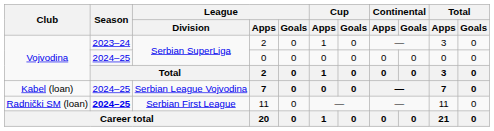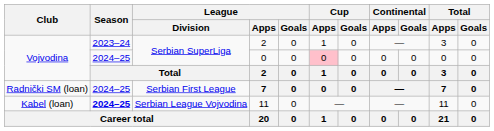 <table class="wikitable" style="text-align: center;font-size:90%">
 <tr>
 <th rowspan="2">Club</th>
 <th rowspan="2">Season</th>
 <th colspan="3">League</th>
 <th colspan="2">Cup</th>
 <th colspan="2">Continental</th>
 <th colspan="2">Total</th>
 </tr>
 <tr>
 <th>Division</th>
 <th>Apps</th>
 <th>Goals</th>
 <th>Apps</th>
 <th>Goals</th>
 <th>Apps</th>
 <th>Goals</th>
 <th>Apps</th>
 <th>Goals</th>
 </tr>
 <tr>
 <td rowspan="3"><a href='#'>Vojvodina</a></td>
 <td><a href='#'>2023–24</a></td>
 <td rowspan="2"><a href='#'>Serbian SuperLiga</a></td>
 <td>2</td>
 <td>0</td>
 <td>1</td>
 <td>0</td>
 <td colspan="2">—</td>
 <td>3</td>
 <td>0</td>
 </tr>
 <tr>
 <td><a href='#'>2024–25</a></td>
 <td>0</td>
 <td>0</td>
-<td>0</td>
+<td style="background: pink;">0</td>
 <td>0</td>
 <td>0</td>
 <td>0</td>
 <td>0</td>
 <td>0</td>
 </tr>
 <tr>
 <th colspan="2">Total</th>
 <th>2</th>
 <th>0</th>
 <th>1</th>
 <th>0</th>
 <th>0</th>
 <th>0</th>
 <th>3</th>
 <th>0</th>
 </tr>
 <tr>
-<td><a href='#'>Kabel</a> (loan)</td>
+<td><a href='#'>Radnički SM</a> (loan)</td>
 <td><a href='#'>2024–25</a></td>
-<td><a href='#'>Serbian League Vojvodina</a></td>
+<td><a href='#'>Serbian First League</a></td>
 <th>7</th>
 <th>0</th>
 <th>0</th>
 <th>0</th>
 <th colspan="2">—</th>
 <th>7</th>
 <th>0</th>
 </tr>
 <tr>
-<td><a href='#'>Radnički SM</a> (loan)</td>
+<td><a href='#'>Kabel</a> (loan)</td>
 <td><strong><a href='#'>2024–25</a></strong></td>
-<td><a href='#'>Serbian First League</a></td>
+<td><a href='#'>Serbian League Vojvodina</a></td>
 <td>11</td>
 <td>0</td>
 <td colspan="2">—</td>
 <td colspan="2">—</td>
 <td>11</td>
 <td>0</td>
 </tr>
 <tr>
 <th colspan="3">Career total</th>
 <th>20</th>
 <th>0</th>
 <th>1</th>
 <th>0</th>
 <th>0</th>
 <th>0</th>
 <th>21</th>
 <th>0</th>
 </tr>
 </table>
